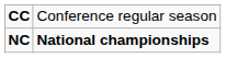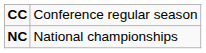 <table class="wikitable">
 <tr>
 <td><strong>CC</strong></td>
 <td>Conference regular season</td>
 </tr>
 <tr>
 <td><strong>NC</strong></td>
-<td><strong>National championships</strong></td>
+<td>National championships</td>
 </tr>
 </table>
